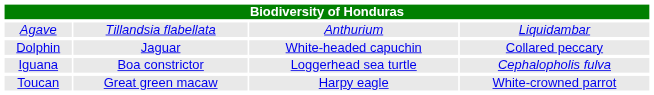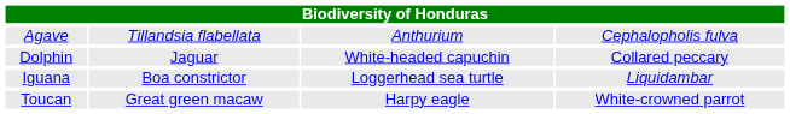 <table class="toc" style="float:center; margin: 0.5em 0.5em 0.5em 1em; padding: 0.5e" cellpadding="0" cellspacing="2" width="800px">
 <tr>
 <td colspan="8" style="background:#green; color:white; font-size:100%" align="center" bgcolor="green"><strong>Biodiversity of Honduras</strong></td>
 </tr>
 <tr>
 <td align="center" bgcolor="white" valign="center"></td>
 <td align="center" bgcolor="white" valign="center"></td>
 <td align="center" bgcolor="white" valign="center"></td>
 <td align="center" bgcolor="white" valign="center"></td>
 </tr>
 <tr>
 <td style="background:#e9e9e9;" align="center"><em><a href='#'>Agave</a></em></td>
 <td style="background:#e9e9e9;" align="center"><em><a href='#'>Tillandsia flabellata</a></em></td>
 <td style="background:#e9e9e9;" align="center"><em><a href='#'>Anthurium</a></em></td>
-<td style="background:#e9e9e9;" align="center"><em><a href='#'>Liquidambar</a></em></td>
+<td style="background:#e9e9e9;" align="center"><em><a href='#'>Cephalopholis fulva</a></em></td>
 </tr>
 <tr>
 <td align="center" bgcolor="white" valign="center"></td>
 <td align="center" bgcolor="white" valign="center"></td>
 <td align="center" bgcolor="white" valign="center"></td>
 <td align="center" bgcolor="white" valign="center"></td>
 </tr>
 <tr>
 <td style="background:#e9e9e9;" align="center"><a href='#'>Dolphin</a></td>
 <td style="background:#e9e9e9;" align="center"><a href='#'>Jaguar</a></td>
 <td style="background:#e9e9e9;" align="center"><a href='#'>White-headed capuchin</a></td>
 <td style="background:#e9e9e9;" align="center"><a href='#'>Collared peccary</a></td>
 </tr>
 <tr>
 <td align="center" bgcolor="white" valign="center"></td>
 <td align="center" bgcolor="white" valign="center"></td>
 <td align="center" bgcolor="white" valign="center"></td>
 <td align="center" bgcolor="white" valign="center"></td>
 </tr>
 <tr>
 <td style="background:#e9e9e9;" align="center"><a href='#'>Iguana</a></td>
 <td style="background:#e9e9e9;" align="center"><a href='#'>Boa constrictor</a></td>
 <td style="background:#e9e9e9;" align="center"><a href='#'>Loggerhead sea turtle</a></td>
-<td style="background:#e9e9e9;" align="center"><em><a href='#'>Cephalopholis fulva</a></em></td>
+<td style="background:#e9e9e9;" align="center"><em><a href='#'>Liquidambar</a></em></td>
 </tr>
 <tr>
 <td align="center" bgcolor="white" valign="center"></td>
 <td align="center" bgcolor="white" valign="center"></td>
 <td align="center" bgcolor="white" valign="center"></td>
 <td align="center" bgcolor="white" valign="center"></td>
 </tr>
 <tr>
 <td style="background:#e9e9e9;" align="center"><a href='#'>Toucan</a></td>
 <td style="background:#e9e9e9;" align="center"><a href='#'>Great green macaw</a></td>
 <td style="background:#e9e9e9;" align="center"><a href='#'>Harpy eagle</a></td>
 <td style="background:#e9e9e9;" align="center"><a href='#'>White-crowned parrot</a></td>
 </tr>
 </table>
